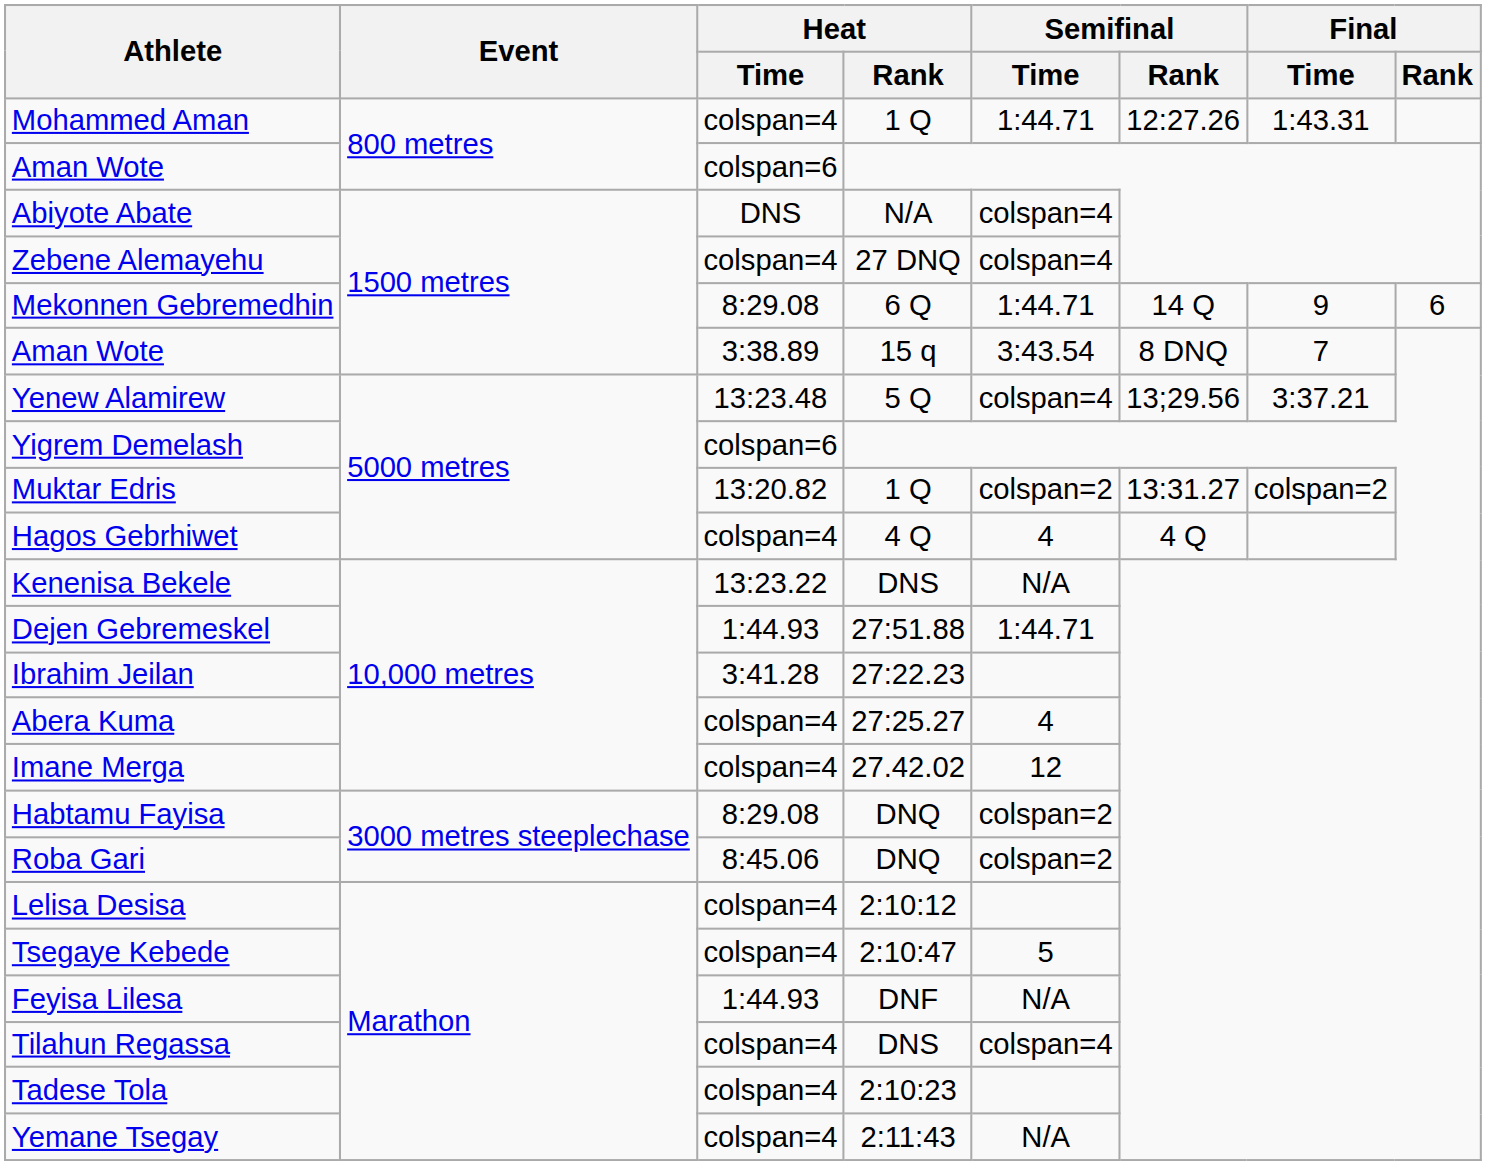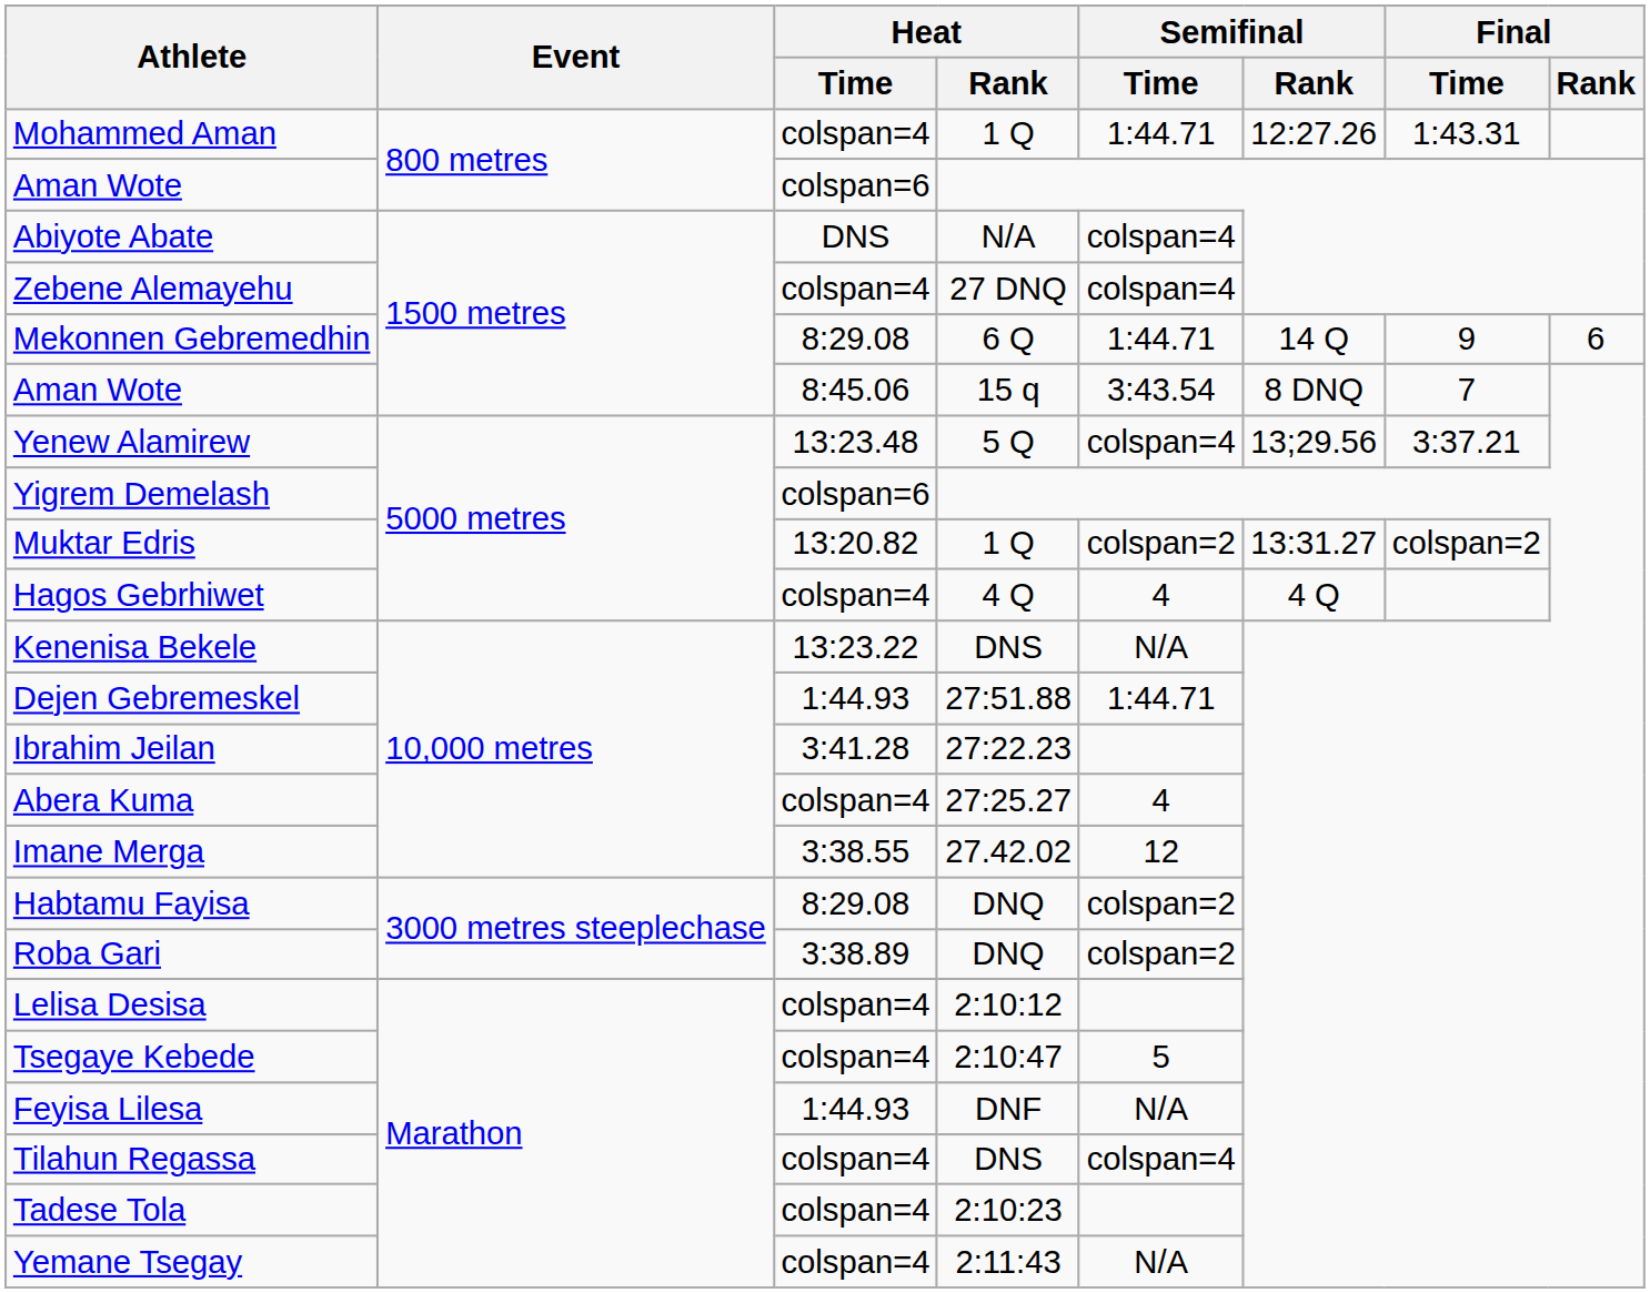 <table class=wikitable style="font-size:90%;">
 <tr>
 <th rowspan=2>Athlete</th>
 <th rowspan=2>Event</th>
 <th colspan=2>Heat</th>
 <th colspan=2>Semifinal</th>
 <th colspan=2>Final</th>
 </tr>
 <tr>
 <th>Time</th>
 <th>Rank</th>
 <th>Time</th>
 <th>Rank</th>
 <th>Time</th>
 <th>Rank</th>
 </tr>
 <tr>
 <td><a href='#'>Mohammed Aman</a></td>
 <td rowspan=2><a href='#'>800 metres</a></td>
 <td>colspan=4 </td>
 <td align="center">1 Q</td>
 <td align="center">1:44.71</td>
 <td align="center">12:27.26</td>
 <td align="center">1:43.31</td>
 <td align="center"></td>
 </tr>
 <tr>
 <td><a href='#'>Aman Wote</a></td>
 <td>colspan=6 </td>
 </tr>
 <tr>
 <td><a href='#'>Abiyote Abate</a></td>
 <td rowspan=4><a href='#'>1500 metres</a></td>
 <td align="center">DNS</td>
 <td align="center">N/A</td>
 <td>colspan=4 </td>
 </tr>
 <tr>
 <td><a href='#'>Zebene Alemayehu</a></td>
 <td>colspan=4 </td>
 <td align="center">27 DNQ</td>
 <td>colspan=4 </td>
 </tr>
 <tr>
 <td><a href='#'>Mekonnen Gebremedhin</a></td>
 <td align="center">8:29.08</td>
 <td align="center">6 Q</td>
 <td align="center">1:44.71</td>
 <td align="center">14 Q</td>
 <td align="center">9</td>
 <td align="center">6</td>
 </tr>
 <tr>
 <td><a href='#'>Aman Wote</a></td>
-<td align="center">3:38.89</td>
+<td align="center">8:45.06</td>
 <td align="center">15 q</td>
 <td align="center">3:43.54</td>
 <td align="center">8 DNQ</td>
 <td align="center">7</td>
 </tr>
 <tr>
 <td><a href='#'>Yenew Alamirew</a></td>
 <td rowspan=4><a href='#'>5000 metres</a></td>
 <td align="center">13:23.48</td>
 <td align="center">5 Q</td>
 <td>colspan=4 </td>
 <td align="center">13;29.56</td>
 <td align="center">3:37.21</td>
 </tr>
 <tr>
 <td><a href='#'>Yigrem Demelash</a></td>
 <td>colspan=6 </td>
 </tr>
 <tr>
 <td><a href='#'>Muktar Edris</a></td>
 <td align="center">13:20.82</td>
 <td align="center">1 Q</td>
 <td>colspan=2 </td>
 <td align="center">13:31.27</td>
 <td>colspan=2 </td>
 </tr>
 <tr>
 <td><a href='#'>Hagos Gebrhiwet</a></td>
 <td>colspan=4 </td>
 <td align="center">4 Q</td>
 <td align="center">4</td>
 <td align="center">4 Q</td>
 <td align="center"></td>
 </tr>
 <tr>
 <td><a href='#'>Kenenisa Bekele</a></td>
 <td rowspan=5><a href='#'>10,000 metres</a></td>
 <td align="center">13:23.22</td>
 <td align="center">DNS</td>
 <td align="center">N/A</td>
 </tr>
 <tr>
 <td><a href='#'>Dejen Gebremeskel</a></td>
 <td align="center">1:44.93</td>
 <td align="center">27:51.88</td>
 <td align="center">1:44.71</td>
 </tr>
 <tr>
 <td><a href='#'>Ibrahim Jeilan</a></td>
 <td align="center">3:41.28</td>
 <td align="center">27:22.23</td>
 <td align="center"></td>
 </tr>
 <tr>
 <td><a href='#'>Abera Kuma</a></td>
 <td>colspan=4 </td>
 <td align="center">27:25.27</td>
 <td align="center">4</td>
 </tr>
 <tr>
 <td><a href='#'>Imane Merga</a></td>
-<td>colspan=4 </td>
+<td align="center">3:38.55</td>
 <td align="center">27.42.02</td>
 <td align="center">12</td>
 </tr>
 <tr>
 <td><a href='#'>Habtamu Fayisa</a></td>
 <td rowspan=2><a href='#'>3000 metres steeplechase</a></td>
 <td align="center">8:29.08</td>
 <td align="center">DNQ</td>
 <td>colspan=2 </td>
 </tr>
 <tr>
 <td><a href='#'>Roba Gari</a></td>
-<td align="center">8:45.06</td>
+<td align="center">3:38.89</td>
 <td align="center">DNQ</td>
 <td>colspan=2 </td>
 </tr>
 <tr>
 <td><a href='#'>Lelisa Desisa</a></td>
 <td rowspan=6><a href='#'>Marathon</a></td>
 <td>colspan=4 </td>
 <td align="center">2:10:12</td>
 <td align="center"></td>
 </tr>
 <tr>
 <td><a href='#'>Tsegaye Kebede</a></td>
 <td>colspan=4 </td>
 <td align="center">2:10:47</td>
 <td align="center">5</td>
 </tr>
 <tr>
 <td><a href='#'>Feyisa Lilesa</a></td>
 <td align="center">1:44.93</td>
 <td align="center">DNF</td>
 <td align="center">N/A</td>
 </tr>
 <tr>
 <td><a href='#'>Tilahun Regassa</a></td>
 <td>colspan=4 </td>
 <td align="center">DNS</td>
 <td>colspan=4 </td>
 </tr>
 <tr>
 <td><a href='#'>Tadese Tola</a></td>
 <td>colspan=4 </td>
 <td align="center">2:10:23</td>
 <td align="center"></td>
 </tr>
 <tr>
 <td><a href='#'>Yemane Tsegay</a></td>
 <td>colspan=4 </td>
 <td align="center">2:11:43</td>
 <td align="center">N/A</td>
 </tr>
 </table>
